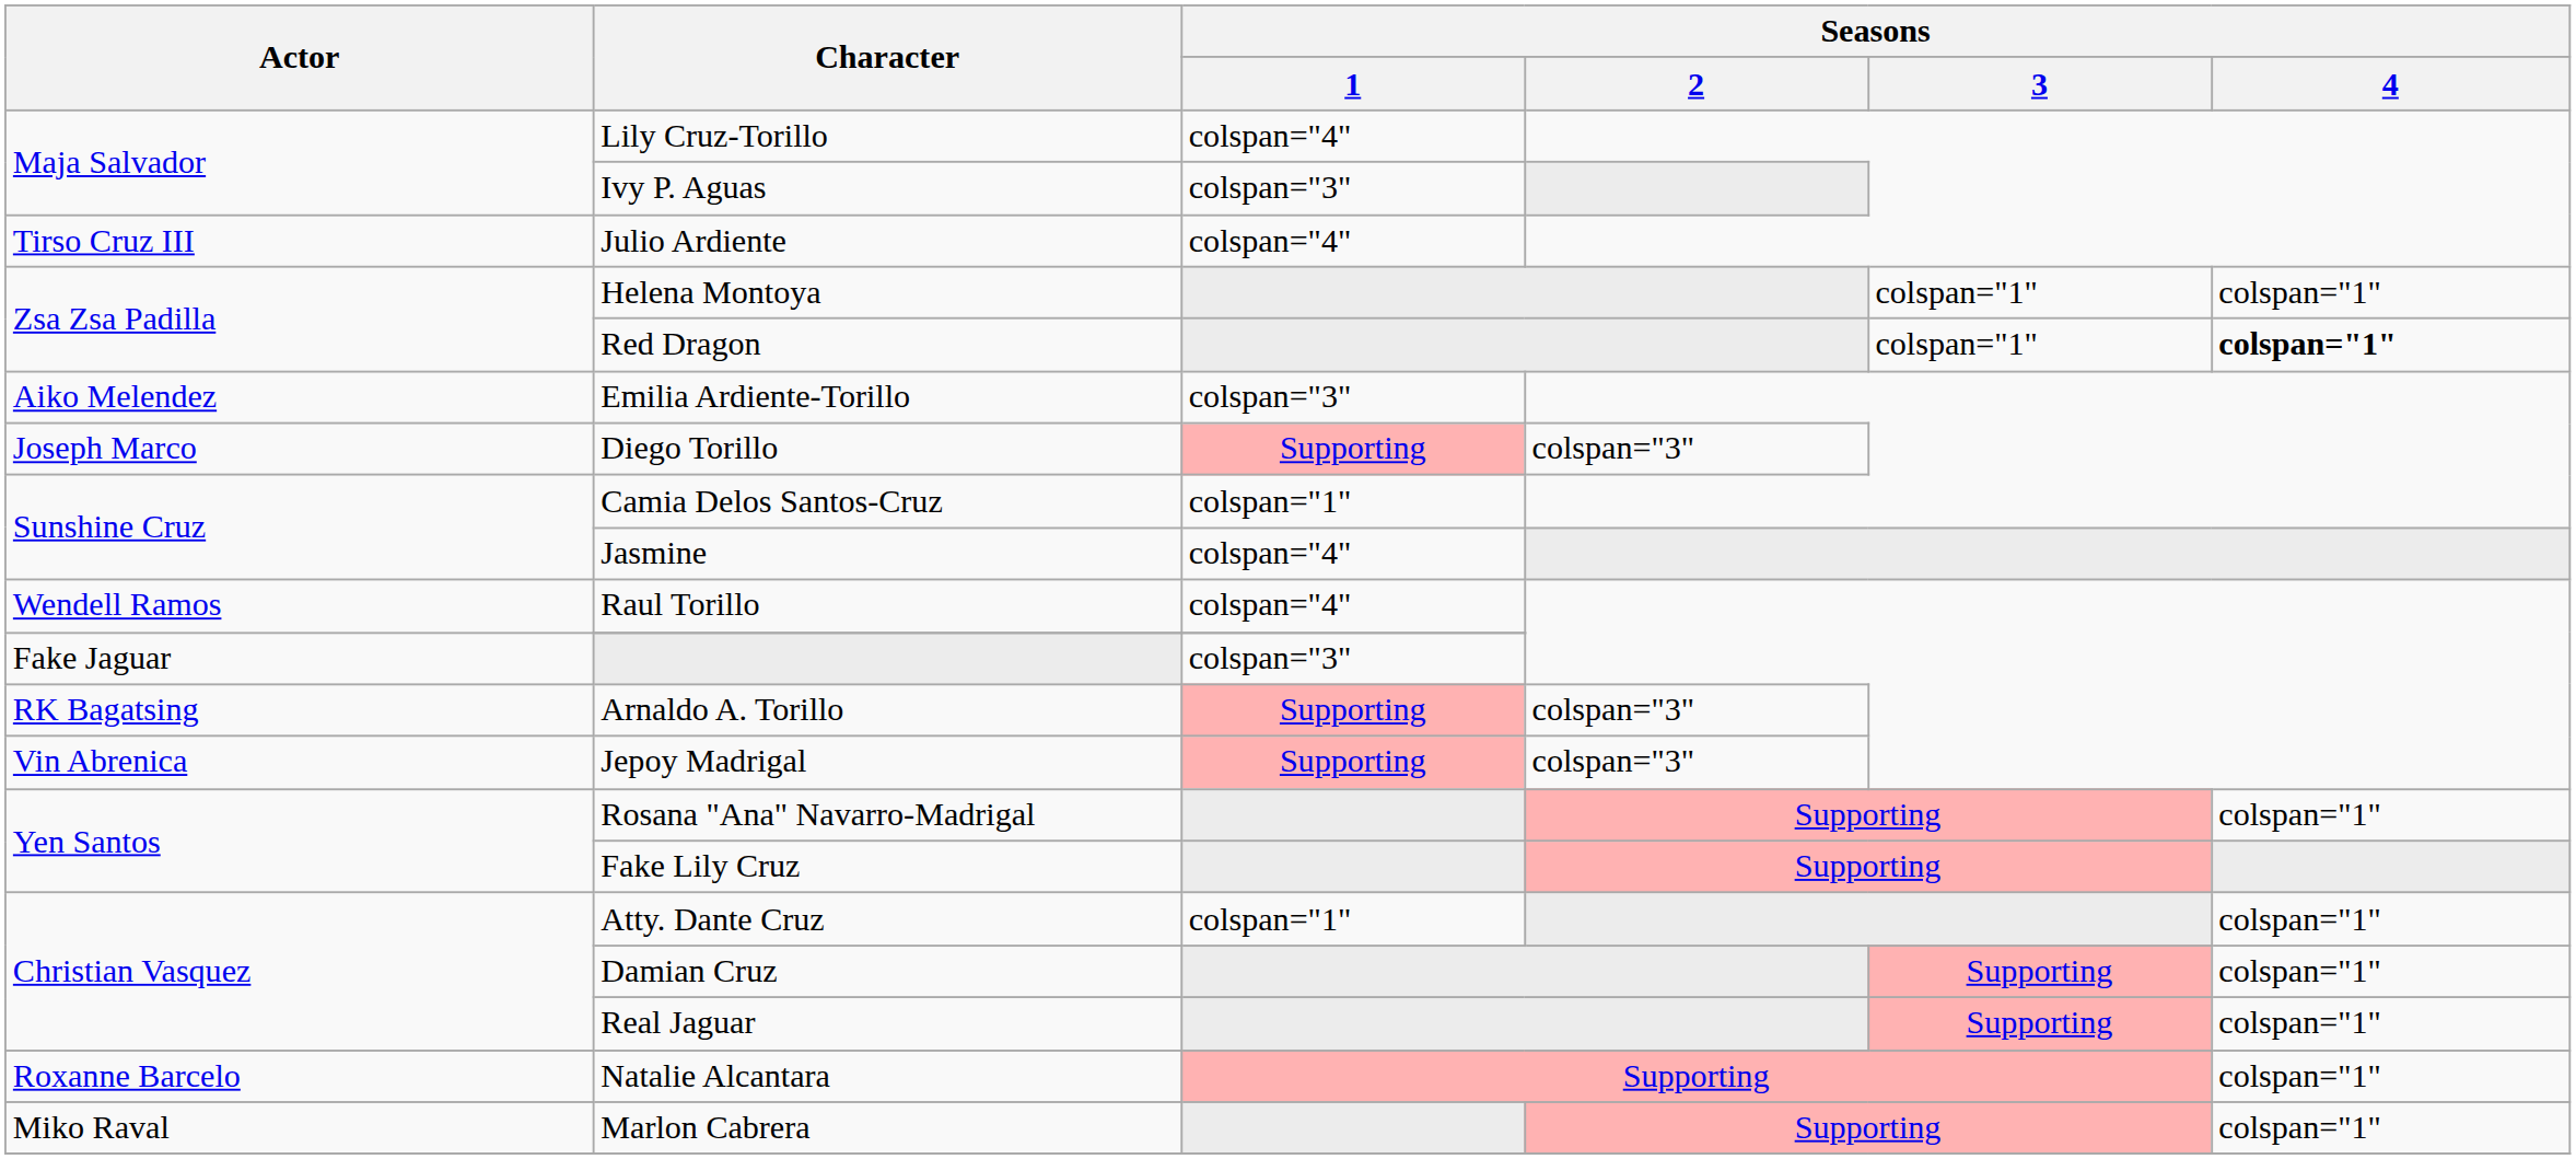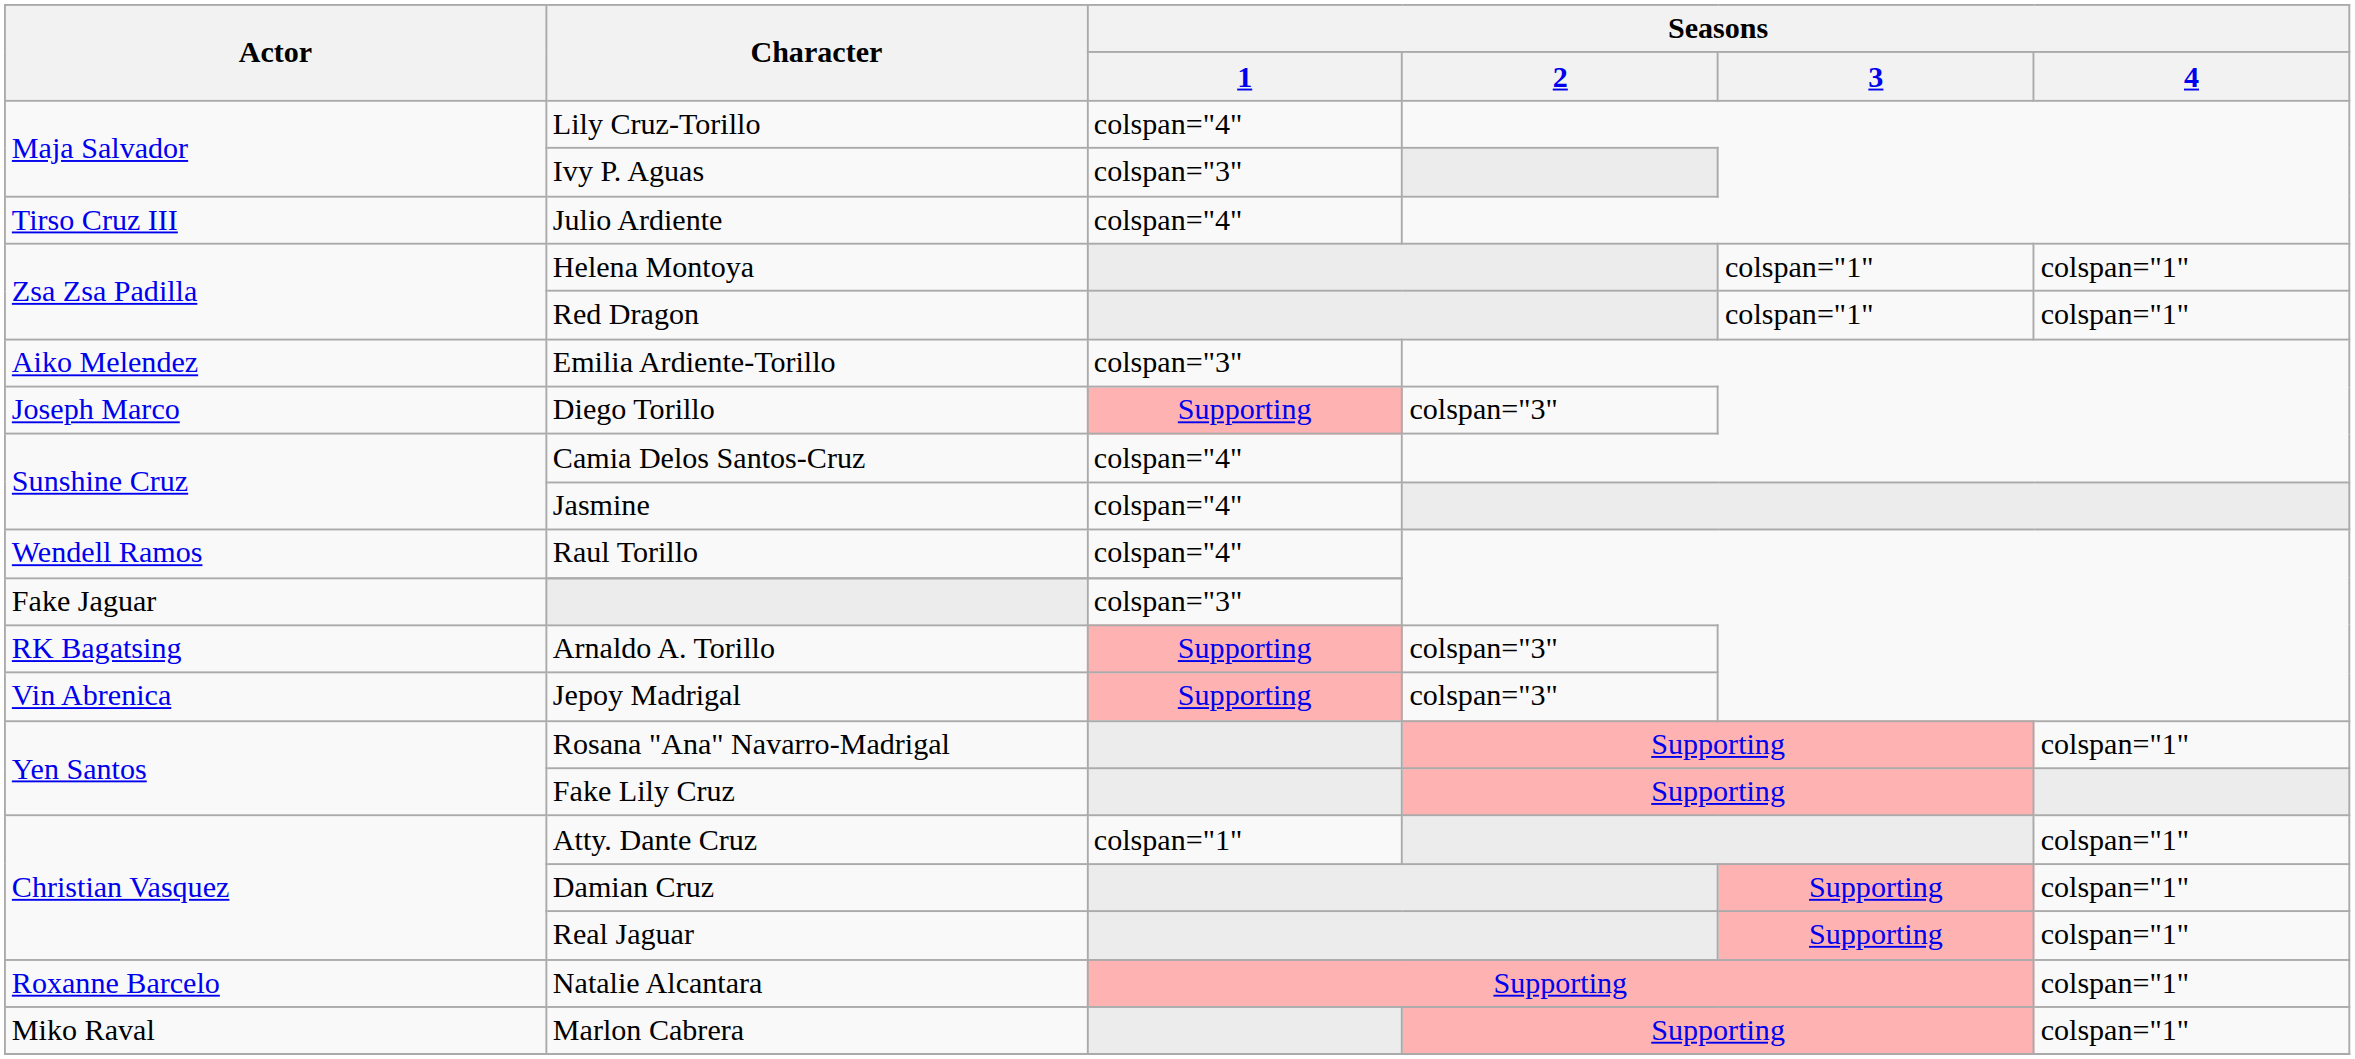 <table class="wikitable">
 <tr>
 <th style="width:10%;" rowspan="2">Actor</th>
 <th style="width:10%;" rowspan="2">Character</th>
 <th colspan="12">Seasons</th>
 </tr>
 <tr>
 <th style="width:5%;"><a href='#'>1</a></th>
 <th style="width:5%;"><a href='#'>2</a></th>
 <th style="width:5%;"><a href='#'>3</a></th>
 <th style="width:5%;"><a href='#'>4</a></th>
 </tr>
 <tr>
 <td rowspan="2"><a href='#'>Maja Salvador</a></td>
 <td>Lily Cruz-Torillo</td>
 <td>colspan="4" </td>
 </tr>
 <tr>
 <td>Ivy P. Aguas</td>
 <td>colspan="3" </td>
 <td colspan="1" style="Background: #ececec; color: grey; vertical-align: middle; text-align: center; " class="table-na"></td>
 </tr>
 <tr>
 <td><a href='#'>Tirso Cruz III</a></td>
 <td>Julio Ardiente</td>
 <td>colspan="4" </td>
 </tr>
 <tr>
 <td rowspan="2"><a href='#'>Zsa Zsa Padilla</a></td>
 <td>Helena Montoya</td>
 <td colspan="2" style="Background: #ececec; color: grey; vertical-align: middle; text-align: center; " class="table-na"></td>
 <td>colspan="1" </td>
 <td>colspan="1" </td>
 </tr>
 <tr>
 <td>Red Dragon</td>
 <td colspan="2" style="Background: #ececec; color: grey; vertical-align: middle; text-align: center; " class="table-na"></td>
 <td>colspan="1" </td>
-<td><strong>colspan="1" </strong></td>
+<td>colspan="1" </td>
 </tr>
 <tr>
 <td><a href='#'>Aiko Melendez</a></td>
 <td>Emilia Ardiente-Torillo</td>
 <td>colspan="3" </td>
 </tr>
 <tr>
 <td><a href='#'>Joseph Marco</a></td>
 <td>Diego Torillo</td>
 <td colspan="1" style="background: #ffb2b2"  align="center"><a href='#'>Supporting</a></td>
 <td>colspan="3" </td>
 </tr>
 <tr>
 <td rowspan="2"><a href='#'>Sunshine Cruz</a></td>
 <td>Camia Delos Santos-Cruz</td>
-<td>colspan="1" </td>
+<td>colspan="4" </td>
 </tr>
 <tr>
 <td>Jasmine</td>
 <td>colspan="4" </td>
 <td colspan="3" style="Background: #ececec; color: grey; vertical-align: middle; text-align: center; " class="table-na"></td>
 </tr>
 <tr>
 <td rowspan="2"><a href='#'>Wendell Ramos</a></td>
 <td>Raul Torillo</td>
 <td>colspan="4" </td>
 </tr>
 <tr>
 </tr>
 <tr>
 <td>Fake Jaguar</td>
 <td colspan="1" style="Background: #ececec; color: grey; vertical-align: middle; text-align: center; " class="table-na"></td>
 <td>colspan="3" </td>
 </tr>
 <tr>
 <td><a href='#'>RK Bagatsing</a></td>
 <td>Arnaldo A. Torillo</td>
 <td colspan="1" style="background: #ffb2b2"  align="center"><a href='#'>Supporting</a></td>
 <td>colspan="3" </td>
 </tr>
 <tr>
 <td><a href='#'>Vin Abrenica</a></td>
 <td>Jepoy Madrigal</td>
 <td colspan="1" style="background: #ffb2b2"  align="center"><a href='#'>Supporting</a></td>
 <td>colspan="3" </td>
 </tr>
 <tr>
 <td rowspan="2"><a href='#'>Yen Santos</a></td>
 <td>Rosana "Ana" Navarro-Madrigal</td>
 <td colspan="1" style="Background: #ececec; color: grey; vertical-align: middle; text-align: center; " class="table-na"></td>
 <td colspan="2" style="background: #ffb2b2"  align="center"><a href='#'>Supporting</a></td>
 <td>colspan="1" </td>
 </tr>
 <tr>
 <td>Fake Lily Cruz</td>
 <td colspan="1" style="Background: #ececec; color: grey; vertical-align: middle; text-align: center; " class="table-na"></td>
 <td colspan="2" style="background: #ffb2b2"  align="center"><a href='#'>Supporting</a></td>
 <td colspan="1" style="Background: #ececec; color: grey; vertical-align: middle; text-align: center; " class="table-na"></td>
 </tr>
 <tr>
 <td rowspan="3"><a href='#'>Christian Vasquez</a></td>
 <td>Atty. Dante Cruz</td>
 <td>colspan="1" </td>
 <td colspan="2" style="Background: #ececec; color: grey; vertical-align: middle; text-align: center; " class="table-na"></td>
 <td>colspan="1" </td>
 </tr>
 <tr>
 <td>Damian Cruz</td>
 <td colspan="2" style="Background: #ececec; color: grey; vertical-align: middle; text-align: center; " class="table-na"></td>
 <td colspan="1" style="background: #ffb2b2"  align="center"><a href='#'>Supporting</a></td>
 <td>colspan="1" </td>
 </tr>
 <tr>
 <td>Real Jaguar</td>
 <td colspan="2" style="Background: #ececec; color: grey; vertical-align: middle; text-align: center; " class="table-na"></td>
 <td colspan="1" style="background: #ffb2b2"  align="center"><a href='#'>Supporting</a></td>
 <td>colspan="1" </td>
 </tr>
 <tr>
 <td><a href='#'>Roxanne Barcelo</a></td>
 <td>Natalie Alcantara</td>
 <td colspan="3" style="background: #ffb2b2"  align="center"><a href='#'>Supporting</a></td>
 <td>colspan="1" </td>
 </tr>
 <tr>
 <td>Miko Raval</td>
 <td>Marlon Cabrera</td>
 <td colspan="1" style="Background: #ececec; color: grey; vertical-align: middle; text-align: center; " class="table-na"></td>
 <td colspan="2" style="background: #ffb2b2"  align="center"><a href='#'>Supporting</a></td>
 <td>colspan="1" </td>
 </tr>
 <tr>
 </tr>
 </table>
